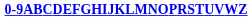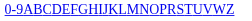 <table id="toc" class="toc" summary="Class">
 <tr>
 <th></th>
 </tr>
 <tr>
-<td style="text-align:center;"><strong><a href='#'>0-9</a><a href='#'>A</a><a href='#'>B</a><a href='#'>C</a><a href='#'>D</a><a href='#'>E</a><a href='#'>F</a><a href='#'>G</a><a href='#'>H</a><a href='#'>I</a><a href='#'>J</a><a href='#'>K</a><a href='#'>L</a><a href='#'>M</a><a href='#'>N</a><a href='#'>O</a><a href='#'>P</a><a href='#'>R</a><a href='#'>S</a><a href='#'>T</a><a href='#'>U</a><a href='#'>V</a><a href='#'>W</a><a href='#'>Z</a></strong></td>
+<td style="text-align:center;"><a href='#'>0-9</a><a href='#'>A</a><a href='#'>B</a><a href='#'>C</a><a href='#'>D</a><a href='#'>E</a><a href='#'>F</a><a href='#'>G</a><a href='#'>H</a><a href='#'>I</a><a href='#'>J</a><a href='#'>K</a><a href='#'>L</a><a href='#'>M</a><a href='#'>N</a><a href='#'>O</a><a href='#'>P</a><a href='#'>R</a><a href='#'>S</a><a href='#'>T</a><a href='#'>U</a><a href='#'>V</a><a href='#'>W</a><a href='#'>Z</a></td>
 </tr>
 </table>
